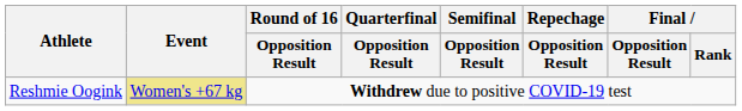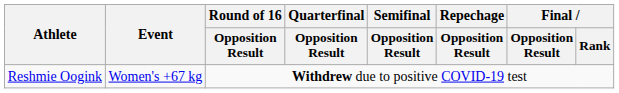 <table class="wikitable" style="font-size:90%;">
 <tr>
 <th rowspan=2>Athlete</th>
 <th rowspan=2>Event</th>
 <th>Round of 16</th>
 <th>Quarterfinal</th>
 <th>Semifinal</th>
 <th>Repechage</th>
 <th colspan=2>Final / </th>
 </tr>
 <tr style="font-size:95%">
 <th>Opposition<br>Result</th>
 <th>Opposition<br>Result</th>
 <th>Opposition<br>Result</th>
 <th>Opposition<br>Result</th>
 <th>Opposition<br>Result</th>
 <th>Rank</th>
 </tr>
 <tr align=center>
 <td align=left><a href='#'>Reshmie Oogink</a></td>
-<td align=left style="background: khaki;"><a href='#'>Women's +67 kg</a></td>
+<td align=left><a href='#'>Women's +67 kg</a></td>
 <td colspan=6><strong>Withdrew</strong> due to positive <a href='#'>COVID-19</a> test</td>
 </tr>
 </table>
